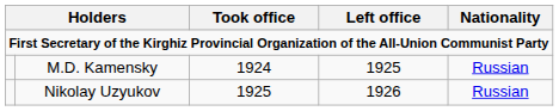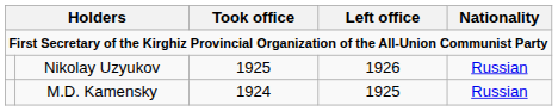 <table class="wikitable" style="text-align:center">
 <tr style="background:#cccccc">
 <th colspan="2" width="150">Holders</th>
 <th rowspan="1" width="125">Took office</th>
 <th rowspan="1" width="125">Left office</th>
 <th>Nationality</th>
 </tr>
 <tr>
 <td colspan="5" align="center"><strong><small>First Secretary of the Kirghiz Provincial Organization of the All-Union Communist Party</small></strong></td>
 </tr>
 <tr>
 <td rowspan="1" style="background-color: "></td>
+<td rowspan=1>Nikolay Uzyukov<br></td>
+<td rowspan=1>1925<br></td>
+<td rowspan=1>1926</td>
+<td rowspan=1><a href='#'>Russian</a><br></td>
+</tr>
+<tr>
+<td rowspan="1" style="background-color: "></td>
 <td rowspan=1>M.D. Kamensky<br></td>
 <td rowspan=1>1924<br></td>
 <td rowspan=1>1925<br></td>
 <td rowspan=1><a href='#'>Russian</a><br></td>
 </tr>
-<tr>
-<td rowspan="1" style="background-color: "></td>
-<td rowspan=1>Nikolay Uzyukov<br></td>
-<td rowspan=1>1925<br></td>
-<td rowspan=1>1926</td>
-<td rowspan=1><a href='#'>Russian</a><br></td>
-</tr>
 </table>
